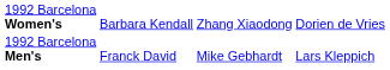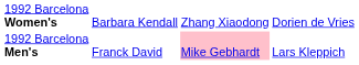 <table>
 <tr>
 <td><a href='#'> 1992 Barcelona</a><br><strong>Women's</strong> <br></td>
 <td><br><a href='#'>Barbara Kendall</a></td>
 <td><br><a href='#'>Zhang Xiaodong</a></td>
 <td><br><a href='#'>Dorien de Vries</a></td>
 </tr>
 <tr>
 <td><a href='#'>1992 Barcelona</a><br><strong>Men's</strong> <br></td>
 <td><br><a href='#'>Franck David</a></td>
-<td><br><a href='#'>Mike Gebhardt</a></td>
+<td style="background: pink;"><br><a href='#'>Mike Gebhardt</a></td>
 <td><br><a href='#'>Lars Kleppich</a></td>
 </tr>
 </table>
